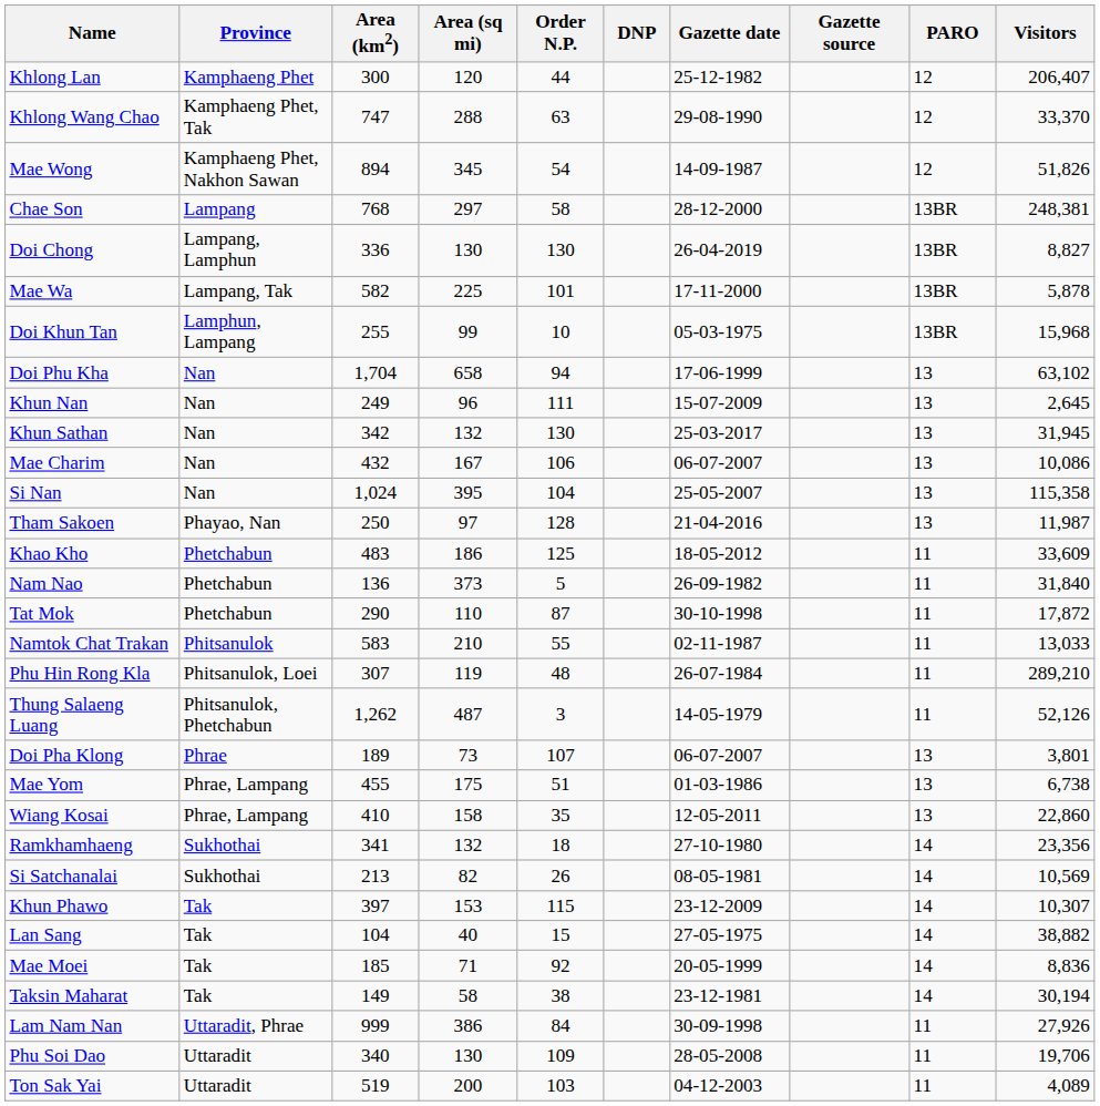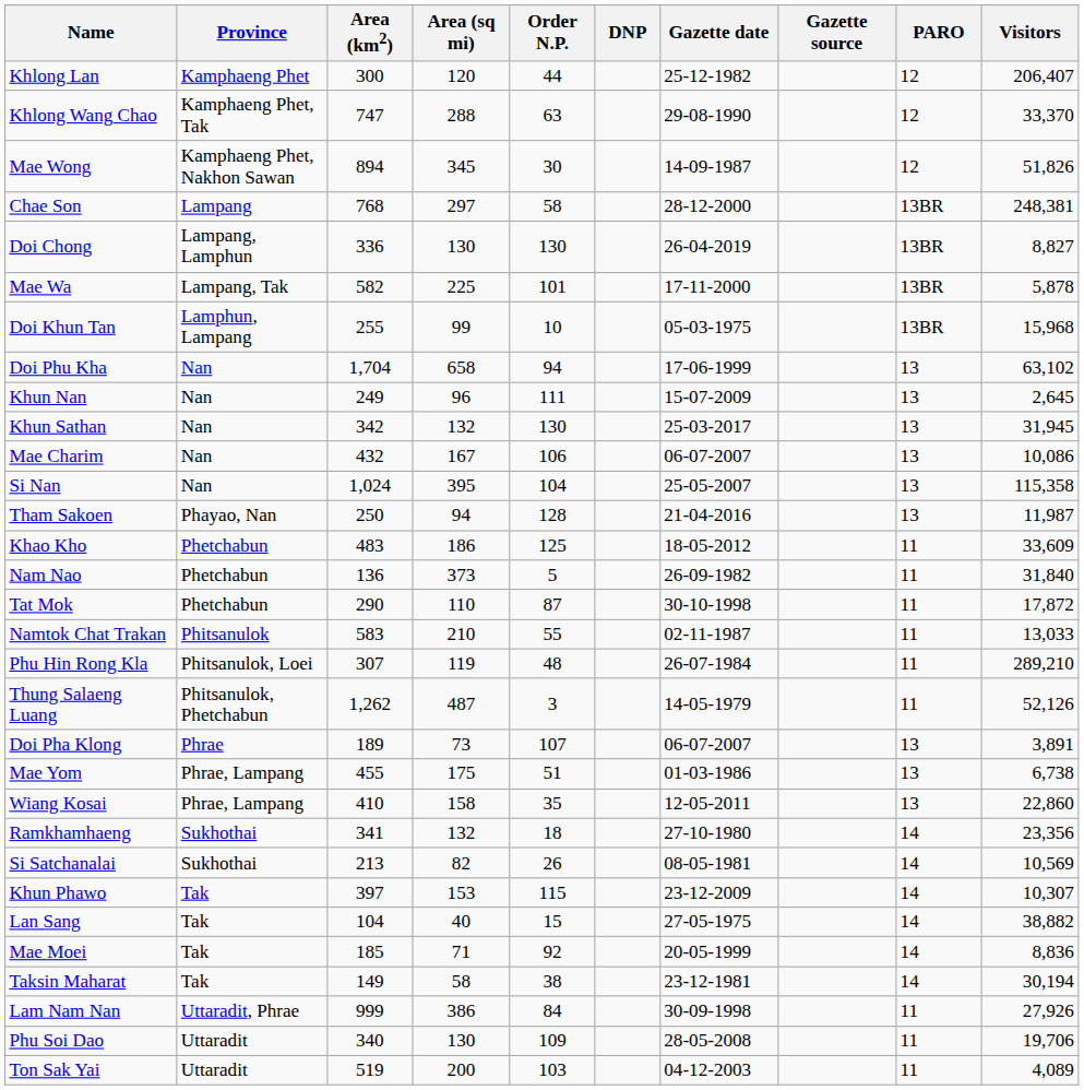 <table class="wikitable sortable" style="width:690pt;">
 <tr>
 <th style="width:16%;">Name</th>
 <th style="width:14%;"><a href='#'>Province</a></th>
 <th style="width:8%;">Area (km<sup>2</sup>)</th>
 <th style="width:9%;">Area (sq mi)</th>
 <th style="width:8%;">Order N.P.</th>
 <th style="width:6%;">DNP</th>
 <th style="width:11%;">Gazette date</th>
 <th style="width:11%;">Gazette source</th>
 <th style="width:8%;">PARO</th>
 <th style="width:9%;">Visitors</th>
 </tr>
 <tr>
 <td><a href='#'>Khlong Lan</a></td>
 <td><a href='#'>Kamphaeng Phet</a></td>
 <td style="text-align:center;">300</td>
 <td style="text-align:center;">120</td>
 <td style="text-align:center;">44</td>
 <td></td>
 <td>25-12-1982</td>
 <td></td>
 <td>12</td>
 <td style="text-align:right;">206,407</td>
 </tr>
 <tr>
 <td><a href='#'>Khlong Wang Chao</a></td>
 <td>Kamphaeng Phet, Tak</td>
 <td style="text-align:center;">747</td>
 <td style="text-align:center;">288</td>
 <td style="text-align:center;">63</td>
 <td></td>
 <td>29-08-1990</td>
 <td></td>
 <td>12</td>
 <td style="text-align:right;">33,370</td>
 </tr>
 <tr>
 <td><a href='#'>Mae Wong</a></td>
 <td>Kamphaeng Phet, Nakhon Sawan</td>
 <td style="text-align:center;">894</td>
 <td style="text-align:center;">345</td>
-<td style="text-align:center;">54</td>
+<td style="text-align:center;">30</td>
 <td></td>
 <td>14-09-1987</td>
 <td></td>
 <td>12</td>
 <td style="text-align:right;">51,826</td>
 </tr>
 <tr>
 <td><a href='#'>Chae Son</a></td>
 <td><a href='#'>Lampang</a></td>
 <td style="text-align:center;">768</td>
 <td style="text-align:center;">297</td>
 <td style="text-align:center;">58</td>
 <td></td>
 <td>28-12-2000</td>
 <td></td>
 <td>13BR</td>
 <td style="text-align:right;">248,381</td>
 </tr>
 <tr>
 <td><a href='#'>Doi Chong</a></td>
 <td>Lampang, Lamphun</td>
 <td style="text-align:center;:">336</td>
 <td style="text-align:center;">130</td>
 <td style="text-align:center;">130</td>
 <td></td>
 <td>26-04-2019</td>
 <td></td>
 <td>13BR</td>
 <td style="text-align:right;">8,827</td>
 </tr>
 <tr>
 <td><a href='#'>Mae Wa</a></td>
 <td>Lampang, Tak</td>
 <td style="text-align:center;">582</td>
 <td style="text-align:center;">225</td>
 <td style="text-align:center;">101</td>
 <td></td>
 <td>17-11-2000</td>
 <td></td>
 <td>13BR</td>
 <td style="text-align:right;">5,878</td>
 </tr>
 <tr>
 <td><a href='#'>Doi Khun Tan</a></td>
 <td><a href='#'>Lamphun</a>, Lampang</td>
 <td style="text-align:center;">255</td>
 <td style="text-align:center;">99</td>
 <td style="text-align:center;">10</td>
 <td></td>
 <td>05-03-1975</td>
 <td></td>
 <td>13BR</td>
 <td style="text-align:right;">15,968</td>
 </tr>
 <tr>
 <td><a href='#'>Doi Phu Kha</a></td>
 <td><a href='#'>Nan</a></td>
 <td style="text-align:center;">1,704</td>
 <td style="text-align:center;">658</td>
 <td style="text-align:center;">94</td>
 <td></td>
 <td>17-06-1999</td>
 <td></td>
 <td>13</td>
 <td style="text-align:right;">63,102</td>
 </tr>
 <tr>
 <td><a href='#'>Khun Nan</a></td>
 <td>Nan</td>
 <td style="text-align:center;">249</td>
 <td style="text-align:center;">96</td>
 <td style="text-align:center;">111</td>
 <td></td>
 <td>15-07-2009</td>
 <td></td>
 <td>13</td>
 <td style="text-align:right;">2,645</td>
 </tr>
 <tr>
 <td><a href='#'>Khun Sathan</a></td>
 <td>Nan</td>
 <td style="text-align:center;">342</td>
 <td style="text-align:center;">132</td>
 <td style="text-align:center;">130</td>
 <td></td>
 <td>25-03-2017</td>
 <td></td>
 <td>13</td>
 <td style="text-align:right;">31,945</td>
 </tr>
 <tr>
 <td><a href='#'>Mae Charim</a></td>
 <td>Nan</td>
 <td style="text-align:center;">432</td>
 <td style="text-align:center;">167</td>
 <td style="text-align:center;">106</td>
 <td></td>
 <td>06-07-2007</td>
 <td></td>
 <td>13</td>
 <td style="text-align:right;">10,086</td>
 </tr>
 <tr>
 <td><a href='#'>Si Nan</a></td>
 <td>Nan</td>
 <td style="text-align:center;">1,024</td>
 <td style="text-align:center;">395</td>
 <td style="text-align:center;">104</td>
 <td></td>
 <td>25-05-2007</td>
 <td></td>
 <td>13</td>
 <td style="text-align:right;">115,358</td>
 </tr>
 <tr>
 <td><a href='#'>Tham Sakoen</a></td>
 <td>Phayao, Nan</td>
 <td style="text-align:center;">250</td>
-<td style="text-align:center;">97</td>
+<td style="text-align:center;">94</td>
 <td style="text-align:center;">128</td>
 <td></td>
 <td>21-04-2016</td>
 <td></td>
 <td>13</td>
 <td style="text-align:right;">11,987</td>
 </tr>
 <tr>
 <td><a href='#'>Khao Kho</a></td>
 <td><a href='#'>Phetchabun</a></td>
 <td style="text-align:center;">483</td>
 <td style="text-align:center;">186</td>
 <td style="text-align:center;">125</td>
 <td></td>
 <td>18-05-2012</td>
 <td></td>
 <td>11</td>
 <td style="text-align:right;">33,609</td>
 </tr>
 <tr>
 <td><a href='#'>Nam Nao</a></td>
 <td>Phetchabun</td>
 <td style="text-align:center;">136</td>
 <td style="text-align:center;">373</td>
 <td style="text-align:center;">5</td>
 <td></td>
 <td>26-09-1982</td>
 <td></td>
 <td>11</td>
 <td style="text-align:right;">31,840</td>
 </tr>
 <tr>
 <td><a href='#'>Tat Mok</a></td>
 <td>Phetchabun</td>
 <td style="text-align:center;">290</td>
 <td style="text-align:center;">110</td>
 <td style="text-align:center;">87</td>
 <td></td>
 <td>30-10-1998</td>
 <td></td>
 <td>11</td>
 <td style="text-align:right;">17,872</td>
 </tr>
 <tr>
 <td><a href='#'>Namtok Chat Trakan</a></td>
 <td><a href='#'>Phitsanulok</a></td>
 <td style="text-align:center;">583</td>
 <td style="text-align:center;">210</td>
 <td style="text-align:center;">55</td>
 <td></td>
 <td>02-11-1987</td>
 <td></td>
 <td>11</td>
 <td style="text-align:right;">13,033</td>
 </tr>
 <tr>
 <td><a href='#'>Phu Hin Rong Kla</a></td>
 <td>Phitsanulok, Loei</td>
 <td style="text-align:center;">307</td>
 <td style="text-align:center;">119</td>
 <td style="text-align:center;">48</td>
 <td></td>
 <td>26-07-1984</td>
 <td></td>
 <td>11</td>
 <td style="text-align:right;">289,210</td>
 </tr>
 <tr>
 <td><a href='#'>Thung Salaeng Luang</a></td>
 <td>Phitsanulok, Phetchabun</td>
 <td style="text-align:center;">1,262</td>
 <td style="text-align:center;">487</td>
 <td style="text-align:center;">3</td>
 <td></td>
 <td>14-05-1979</td>
 <td></td>
 <td>11</td>
 <td style="text-align:right;">52,126</td>
 </tr>
 <tr>
 <td><a href='#'>Doi Pha Klong</a></td>
 <td><a href='#'>Phrae</a></td>
 <td style="text-align:center;">189</td>
 <td style="text-align:center;">73</td>
 <td style="text-align:center;">107</td>
 <td></td>
 <td>06-07-2007</td>
 <td></td>
 <td>13</td>
-<td style="text-align:right;">3,801</td>
+<td style="text-align:right;">3,891</td>
 </tr>
 <tr>
 <td><a href='#'>Mae Yom</a></td>
 <td>Phrae, Lampang</td>
 <td style="text-align:center;">455</td>
 <td style="text-align:center;">175</td>
 <td style="text-align:center;">51</td>
 <td></td>
 <td>01-03-1986</td>
 <td></td>
 <td>13</td>
 <td style="text-align:right;">6,738</td>
 </tr>
 <tr>
 <td><a href='#'>Wiang Kosai</a></td>
 <td>Phrae, Lampang</td>
 <td style="text-align:center;">410</td>
 <td style="text-align:center;">158</td>
 <td style="text-align:center;">35</td>
 <td></td>
 <td>12-05-2011</td>
 <td></td>
 <td>13</td>
 <td style="text-align:right;">22,860</td>
 </tr>
 <tr>
 <td><a href='#'>Ramkhamhaeng</a></td>
 <td><a href='#'>Sukhothai</a></td>
 <td style="text-align:center;">341</td>
 <td style="text-align:center;">132</td>
 <td style="text-align:center;">18</td>
 <td></td>
 <td>27-10-1980</td>
 <td></td>
 <td>14</td>
 <td style="text-align:right;">23,356</td>
 </tr>
 <tr>
 <td><a href='#'>Si Satchanalai</a></td>
 <td>Sukhothai</td>
 <td style="text-align:center;">213</td>
 <td style="text-align:center;">82</td>
 <td style="text-align:center;">26</td>
 <td></td>
 <td>08-05-1981</td>
 <td></td>
 <td>14</td>
 <td style="text-align:right;">10,569</td>
 </tr>
 <tr>
 <td><a href='#'>Khun Phawo</a></td>
 <td><a href='#'>Tak</a></td>
 <td style="text-align:center;">397</td>
 <td style="text-align:center;">153</td>
 <td style="text-align:center;">115</td>
 <td></td>
 <td>23-12-2009</td>
 <td></td>
 <td>14</td>
 <td style="text-align:right;">10,307</td>
 </tr>
 <tr>
 <td><a href='#'>Lan Sang</a></td>
 <td>Tak</td>
 <td style="text-align:center;">104</td>
 <td style="text-align:center;">40</td>
 <td style="text-align:center;">15</td>
 <td></td>
 <td>27-05-1975</td>
 <td></td>
 <td>14</td>
 <td style="text-align:right;">38,882</td>
 </tr>
 <tr>
 <td><a href='#'>Mae Moei</a></td>
 <td>Tak</td>
 <td style="text-align:center;">185</td>
 <td style="text-align:center;">71</td>
 <td style="text-align:center;">92</td>
 <td></td>
 <td>20-05-1999</td>
 <td></td>
 <td>14</td>
 <td style="text-align:right;">8,836</td>
 </tr>
 <tr>
 <td><a href='#'>Taksin Maharat</a></td>
 <td>Tak</td>
 <td style="text-align:center;">149</td>
 <td style="text-align:center;">58</td>
 <td style="text-align:center;">38</td>
 <td></td>
 <td>23-12-1981</td>
 <td></td>
 <td>14</td>
 <td style="text-align:right;">30,194</td>
 </tr>
 <tr>
 <td><a href='#'>Lam Nam Nan</a></td>
 <td><a href='#'>Uttaradit</a>, Phrae</td>
 <td style="text-align:center;">999</td>
 <td style="text-align:center;">386</td>
 <td style="text-align:center;">84</td>
 <td></td>
 <td>30-09-1998</td>
 <td></td>
 <td>11</td>
 <td style="text-align:right;">27,926</td>
 </tr>
 <tr>
 <td><a href='#'>Phu Soi Dao</a></td>
 <td>Uttaradit</td>
 <td style="text-align:center;">340</td>
 <td style="text-align:center;">130</td>
 <td style="text-align:center;">109</td>
 <td></td>
 <td>28-05-2008</td>
 <td></td>
 <td>11</td>
 <td style="text-align:right;">19,706</td>
 </tr>
 <tr>
 <td><a href='#'>Ton Sak Yai</a></td>
 <td>Uttaradit</td>
 <td style="text-align:center;">519</td>
 <td style="text-align:center;">200</td>
 <td style="text-align:center;">103</td>
 <td></td>
 <td>04-12-2003</td>
 <td></td>
 <td>11</td>
 <td style="text-align:right;">4,089</td>
 </tr>
 </table>
